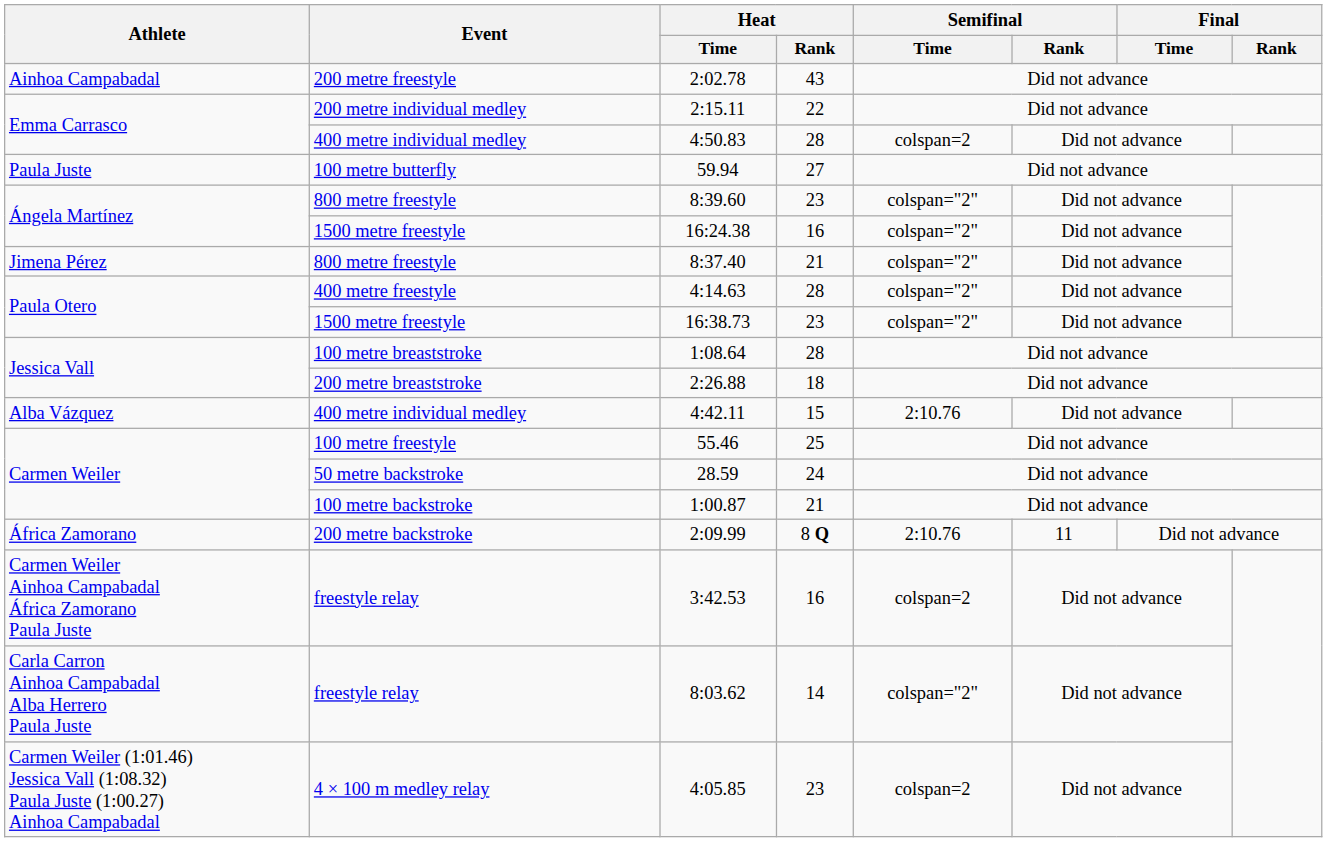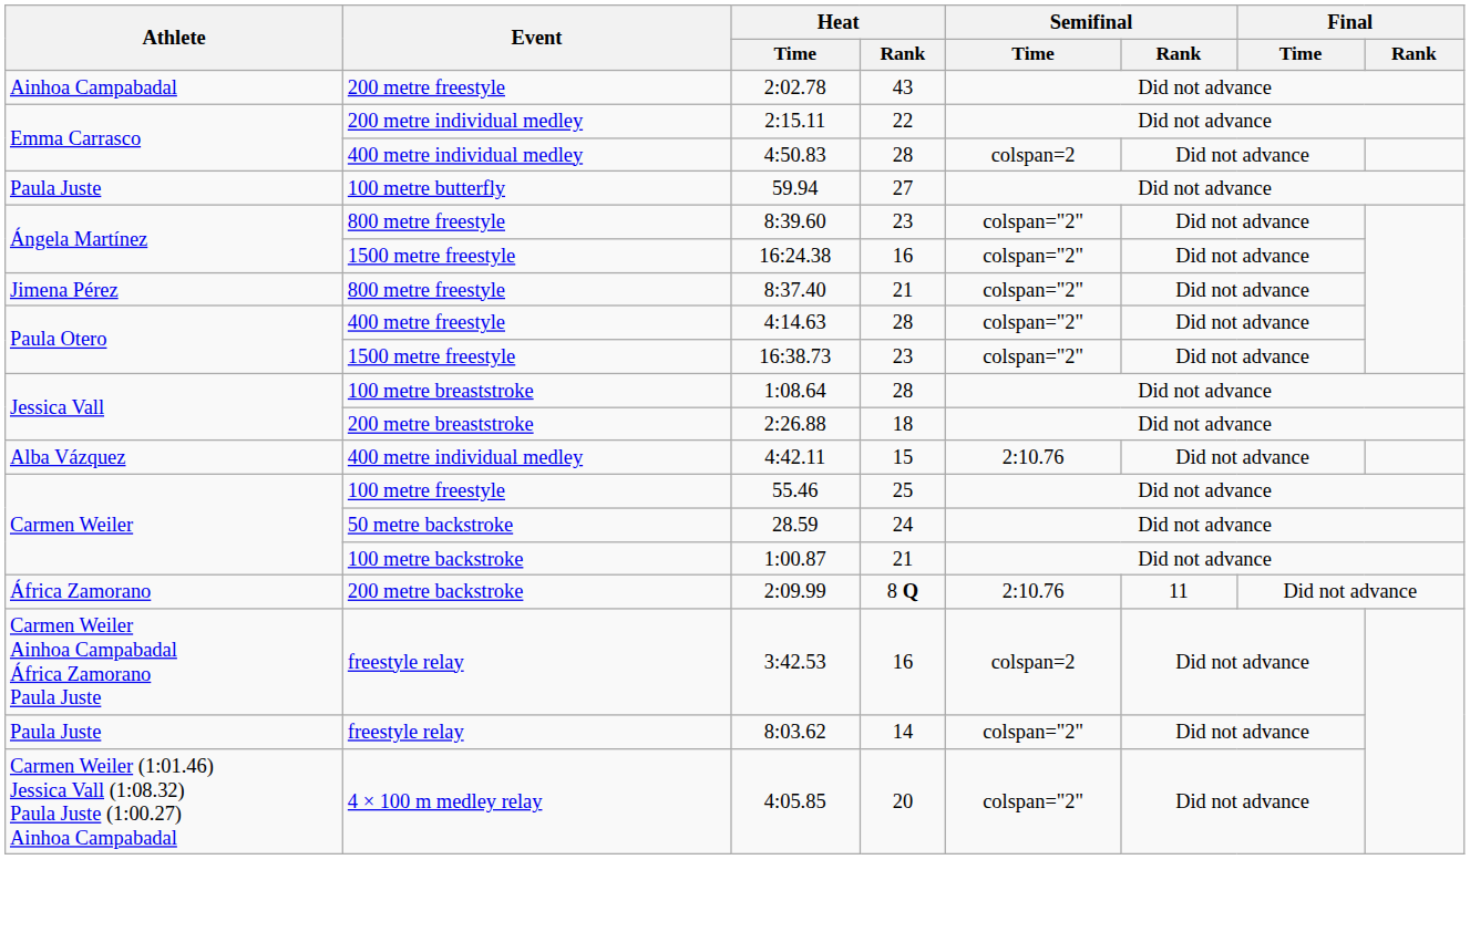 <table class="wikitable" style="text-align:center; font-size:90%; width:65%;">
 <tr>
 <th rowspan="2">Athlete</th>
 <th rowspan="2">Event</th>
 <th colspan="2">Heat</th>
 <th colspan="2">Semifinal</th>
 <th colspan="2">Final</th>
 </tr>
 <tr style="font-size:95%">
 <th>Time</th>
 <th>Rank</th>
 <th>Time</th>
 <th>Rank</th>
 <th>Time</th>
 <th>Rank</th>
 </tr>
 <tr>
 <td align=left><a href='#'>Ainhoa Campabadal</a></td>
 <td align=left><a href='#'>200 metre freestyle</a></td>
 <td>2:02.78</td>
 <td>43</td>
 <td colspan=4>Did not advance</td>
 </tr>
 <tr align=center>
 <td align=left rowspan="2"><a href='#'>Emma Carrasco</a></td>
 <td align=left><a href='#'>200 metre individual medley</a></td>
 <td>2:15.11</td>
 <td>22</td>
 <td colspan=4>Did not advance</td>
 </tr>
 <tr align=center>
 <td align=left><a href='#'>400 metre individual medley</a></td>
 <td>4:50.83</td>
 <td>28</td>
 <td>colspan=2 </td>
 <td colspan=2>Did not advance</td>
 </tr>
 <tr align=center>
 <td align=left><a href='#'>Paula Juste</a></td>
 <td align=left><a href='#'>100 metre butterfly</a></td>
 <td>59.94</td>
 <td>27</td>
 <td colspan=4>Did not advance</td>
 </tr>
 <tr>
 <td align=left rowspan=2><a href='#'>Ángela Martínez</a></td>
 <td align=left><a href='#'>800 metre freestyle</a></td>
 <td>8:39.60</td>
 <td>23</td>
 <td>colspan="2" </td>
 <td colspan="2">Did not advance</td>
 </tr>
 <tr>
 <td align=left><a href='#'>1500 metre freestyle</a></td>
 <td>16:24.38</td>
 <td>16</td>
 <td>colspan="2" </td>
 <td colspan="2">Did not advance</td>
 </tr>
 <tr>
 <td align=left><a href='#'>Jimena Pérez</a></td>
 <td align=left><a href='#'>800 metre freestyle</a></td>
 <td>8:37.40</td>
 <td>21</td>
 <td>colspan="2" </td>
 <td colspan="2">Did not advance</td>
 </tr>
 <tr align=center>
 <td align=left rowspan=2><a href='#'>Paula Otero</a></td>
 <td align=left><a href='#'>400 metre freestyle</a></td>
 <td>4:14.63</td>
 <td>28</td>
 <td>colspan="2" </td>
 <td colspan="2">Did not advance</td>
 </tr>
 <tr align=center>
 <td align=left><a href='#'>1500 metre freestyle</a></td>
 <td>16:38.73</td>
 <td>23</td>
 <td>colspan="2" </td>
 <td colspan="2">Did not advance</td>
 </tr>
 <tr>
 <td align=left rowspan=2><a href='#'>Jessica Vall</a></td>
 <td align=left><a href='#'>100 metre breaststroke</a></td>
 <td>1:08.64</td>
 <td>28</td>
 <td colspan=4>Did not advance</td>
 </tr>
 <tr>
 <td align=left><a href='#'>200 metre breaststroke</a></td>
 <td>2:26.88</td>
 <td>18</td>
 <td colspan=4>Did not advance</td>
 </tr>
 <tr>
 <td align=left><a href='#'>Alba Vázquez</a></td>
 <td align=left><a href='#'>400 metre individual medley</a></td>
 <td>4:42.11</td>
 <td>15</td>
 <td>2:10.76</td>
 <td colspan=2>Did not advance</td>
 </tr>
 <tr align=center>
 <td align=left rowspan=3><a href='#'>Carmen Weiler</a></td>
 <td align=left><a href='#'>100 metre freestyle</a></td>
 <td>55.46</td>
 <td>25</td>
 <td colspan=4>Did not advance</td>
 </tr>
 <tr align=center>
 <td align=left><a href='#'>50 metre backstroke</a></td>
 <td>28.59</td>
 <td>24</td>
 <td colspan=4>Did not advance</td>
 </tr>
 <tr align=center>
 <td align=left><a href='#'>100 metre backstroke</a></td>
 <td>1:00.87</td>
 <td>21</td>
 <td colspan=4>Did not advance</td>
 </tr>
 <tr align=center>
 <td align=left><a href='#'>África Zamorano</a></td>
 <td align=left><a href='#'>200 metre backstroke</a></td>
 <td>2:09.99</td>
 <td>8 <strong>Q</strong></td>
 <td>2:10.76</td>
 <td>11</td>
 <td colspan=2>Did not advance</td>
 </tr>
 <tr align=center>
 <td align=left><a href='#'>Carmen Weiler</a> <br><a href='#'>Ainhoa Campabadal</a> <br><a href='#'>África Zamorano</a> <br><a href='#'>Paula Juste</a></td>
 <td align=left><a href='#'> freestyle relay</a></td>
 <td>3:42.53</td>
 <td>16</td>
 <td>colspan=2 </td>
 <td colspan=2>Did not advance</td>
 </tr>
 <tr>
-<td align=left><a href='#'>Carla Carron</a> <br><a href='#'>Ainhoa Campabadal</a> <br><a href='#'>Alba Herrero</a> <br><a href='#'>Paula Juste</a></td>
+<td align=left><a href='#'>Paula Juste</a></td>
 <td align=left><a href='#'> freestyle relay</a></td>
 <td>8:03.62</td>
 <td>14</td>
 <td>colspan="2" </td>
 <td colspan=2>Did not advance</td>
 </tr>
 <tr>
 <td align=left><a href='#'>Carmen Weiler</a> (1:01.46)<br><a href='#'>Jessica Vall</a> (1:08.32)<br><a href='#'>Paula Juste</a> (1:00.27)<br><a href='#'>Ainhoa Campabadal</a></td>
 <td align=left><a href='#'>4 × 100 m medley relay</a></td>
 <td>4:05.85</td>
-<td>23</td>
-<td>colspan=2 </td>
+<td>20</td>
+<td>colspan="2" </td>
 <td colspan=2>Did not advance</td>
 </tr>
 </table>
